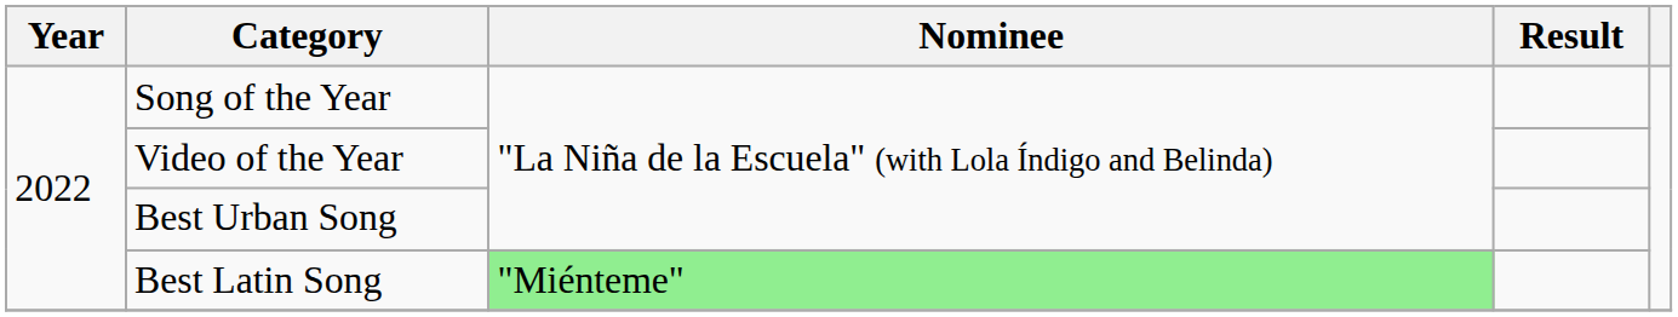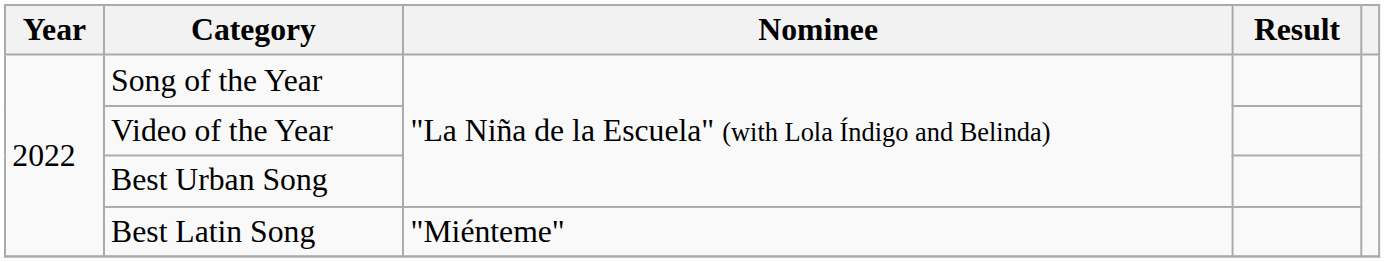 <table class="wikitable" style="width:55%;">
 <tr>
 <th>Year</th>
 <th>Category</th>
 <th>Nominee</th>
 <th>Result</th>
 <th></th>
 </tr>
 <tr>
 <td rowspan="4">2022</td>
 <td>Song of the Year</td>
 <td rowspan="3">"La Niña de la Escuela" <small>(with Lola Índigo and Belinda)</small></td>
 <td></td>
 <td rowspan="4"></td>
 </tr>
 <tr>
 <td>Video of the Year</td>
 <td></td>
 </tr>
 <tr>
 <td>Best Urban Song</td>
 <td></td>
 </tr>
 <tr>
 <td>Best Latin Song</td>
-<td style="background: lightgreen;">"Miénteme"</td>
+<td>"Miénteme"</td>
 <td></td>
 </tr>
 <tr>
 </tr>
 </table>
